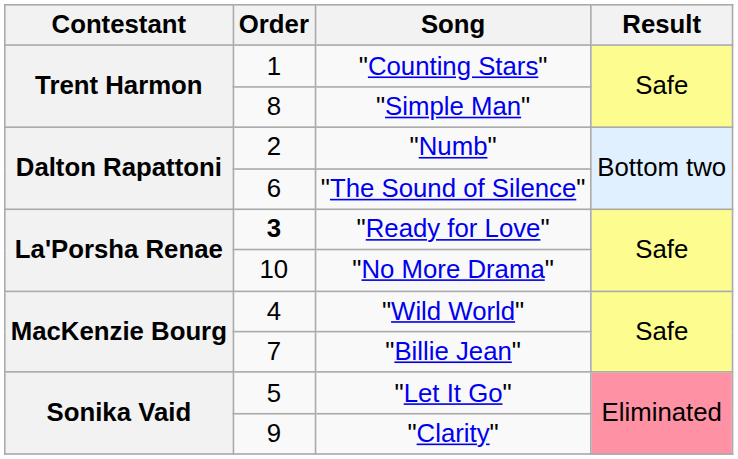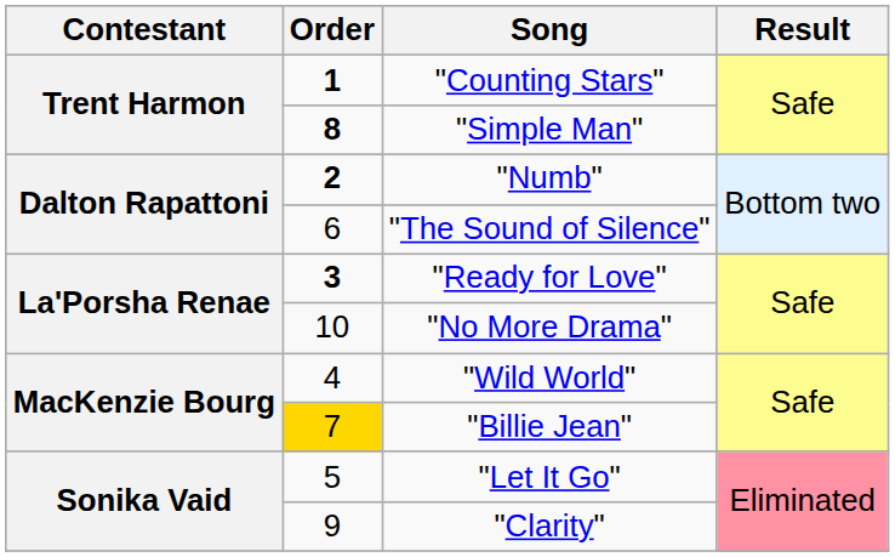 <table class="wikitable unsortable" style="text-align:center;">
 <tr>
 <th scope="col">Contestant</th>
 <th scope="col">Order</th>
 <th scope="col">Song</th>
 <th scope="col">Result</th>
 </tr>
 <tr>
 <th scope="row" rowspan="2">Trent Harmon</th>
-<td>1</td>
+<td><strong>1</strong></td>
 <td>"<a href='#'>Counting Stars</a>"</td>
 <td rowspan="2" style="background:#FDFC8F">Safe</td>
 </tr>
 <tr>
-<td>8</td>
+<td><strong>8</strong></td>
 <td>"<a href='#'>Simple Man</a>"</td>
 </tr>
 <tr>
 <th scope="row" rowspan="2">Dalton Rapattoni</th>
-<td>2</td>
+<td><strong>2</strong></td>
 <td>"<a href='#'>Numb</a>"</td>
 <td rowspan="2" bgcolor="E0F0FF">Bottom two</td>
 </tr>
 <tr>
 <td>6</td>
 <td>"<a href='#'>The Sound of Silence</a>"</td>
 </tr>
 <tr>
 <th scope="row" rowspan="2">La'Porsha Renae</th>
 <td><strong>3</strong></td>
 <td>"<a href='#'>Ready for Love</a>"</td>
 <td rowspan="2" style="background:#FDFC8F">Safe</td>
 </tr>
 <tr>
 <td>10</td>
 <td>"<a href='#'>No More Drama</a>"</td>
 </tr>
 <tr>
 <th scope="row" rowspan="2">MacKenzie Bourg</th>
 <td>4</td>
 <td>"<a href='#'>Wild World</a>"</td>
 <td rowspan="2" style="background:#FDFC8F">Safe</td>
 </tr>
 <tr>
-<td>7</td>
+<td style="background: gold;">7</td>
 <td>"<a href='#'>Billie Jean</a>"</td>
 </tr>
 <tr>
 <th scope="row" rowspan="2">Sonika Vaid</th>
 <td>5</td>
 <td>"<a href='#'>Let It Go</a>"</td>
 <td rowspan="2" bgcolor="FF91A4">Eliminated</td>
 </tr>
 <tr>
 <td>9</td>
 <td>"<a href='#'>Clarity</a>"</td>
 </tr>
 </table>
